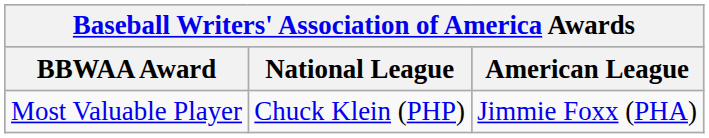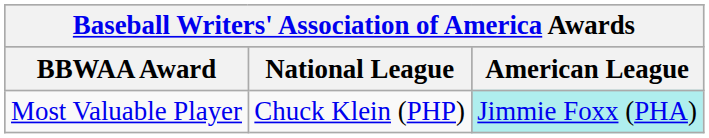 <table class="wikitable">
 <tr>
 <th colspan="3"><a href='#'>Baseball Writers' Association of America</a> Awards</th>
 </tr>
 <tr>
 <th>BBWAA Award</th>
 <th>National League</th>
 <th>American League</th>
 </tr>
 <tr>
 <td><a href='#'>Most Valuable Player</a></td>
 <td><a href='#'>Chuck Klein</a> (<a href='#'>PHP</a>)</td>
-<td><a href='#'>Jimmie Foxx</a> (<a href='#'>PHA</a>)</td>
+<td style="background: paleturquoise;"><a href='#'>Jimmie Foxx</a> (<a href='#'>PHA</a>)</td>
 </tr>
 </table>
